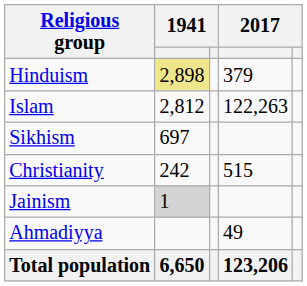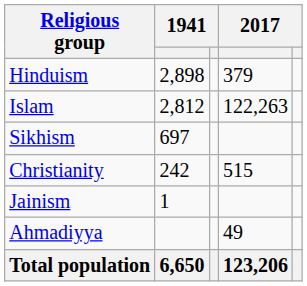 <table class="wikitable sortable">
 <tr>
 <th rowspan="2"><a href='#'>Religious</a><br>group</th>
 <th colspan="2">1941</th>
 <th colspan="2">2017</th>
 </tr>
 <tr>
 <th><a href='#'></a></th>
 <th></th>
 <th></th>
 <th></th>
 </tr>
 <tr>
 <td><a href='#'>Hinduism</a> </td>
-<td style="background: khaki;">2,898</td>
+<td>2,898</td>
 <td></td>
 <td>379</td>
 <td></td>
 </tr>
 <tr>
 <td><a href='#'>Islam</a> </td>
 <td>2,812</td>
 <td></td>
 <td>122,263</td>
 <td></td>
 </tr>
 <tr>
 <td><a href='#'>Sikhism</a> </td>
 <td>697</td>
 <td></td>
 <td></td>
 <td></td>
 </tr>
 <tr>
 <td><a href='#'>Christianity</a> </td>
 <td>242</td>
 <td></td>
 <td>515</td>
 <td></td>
 </tr>
 <tr>
 <td><a href='#'>Jainism</a> </td>
-<td style="background: lightgrey;">1</td>
+<td>1</td>
 <td></td>
 <td></td>
 <td></td>
 </tr>
 <tr>
 <td><a href='#'>Ahmadiyya</a> </td>
 <td></td>
 <td></td>
 <td>49</td>
 <td></td>
 </tr>
 <tr>
 <th>Total population</th>
 <th>6,650</th>
 <th></th>
 <th>123,206</th>
 <th></th>
 </tr>
 </table>
